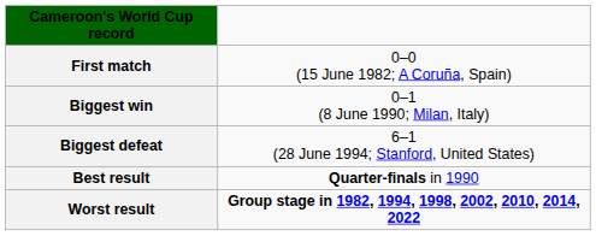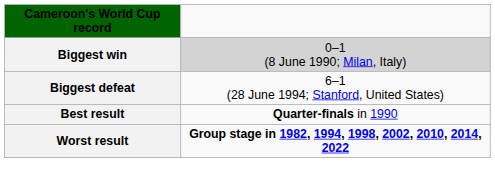 <table class="wikitable collapsible collapsed" style="width:50%;text-align:center">
 <tr>
 <th style="background:#006400;"><strong>Cameroon's World Cup record</strong></th>
 </tr>
 <tr>
-<th>First match</th>
-<td> 0–0 <br>(15 June 1982; <a href='#'>A Coruña</a>, Spain)</td>
-</tr>
-<tr>
 <th>Biggest win</th>
-<td> 0–1 <br>(8 June 1990; <a href='#'>Milan</a>, Italy)</td>
+<td style="background: lightgrey;"> 0–1 <br>(8 June 1990; <a href='#'>Milan</a>, Italy)</td>
 </tr>
 <tr>
 <th>Biggest defeat</th>
 <td> 6–1 <br>(28 June 1994; <a href='#'>Stanford</a>, United States)</td>
 </tr>
 <tr>
 <th>Best result</th>
 <td><strong>Quarter-finals</strong> in <a href='#'>1990</a></td>
 </tr>
 <tr>
 <th>Worst result</th>
 <td><strong>Group stage in <a href='#'>1982</a>, <a href='#'>1994</a>, <a href='#'>1998</a>, <a href='#'>2002</a>, <a href='#'>2010</a>, <a href='#'>2014</a>, <a href='#'>2022</a></strong></td>
 </tr>
 </table>
